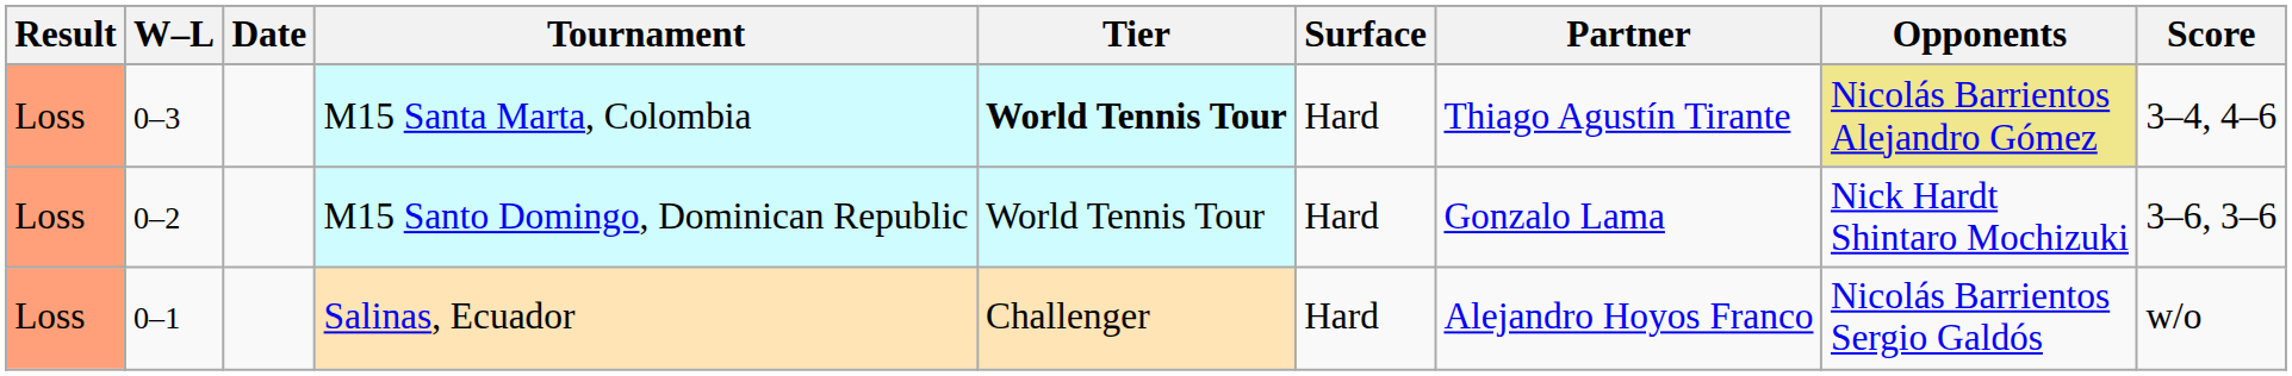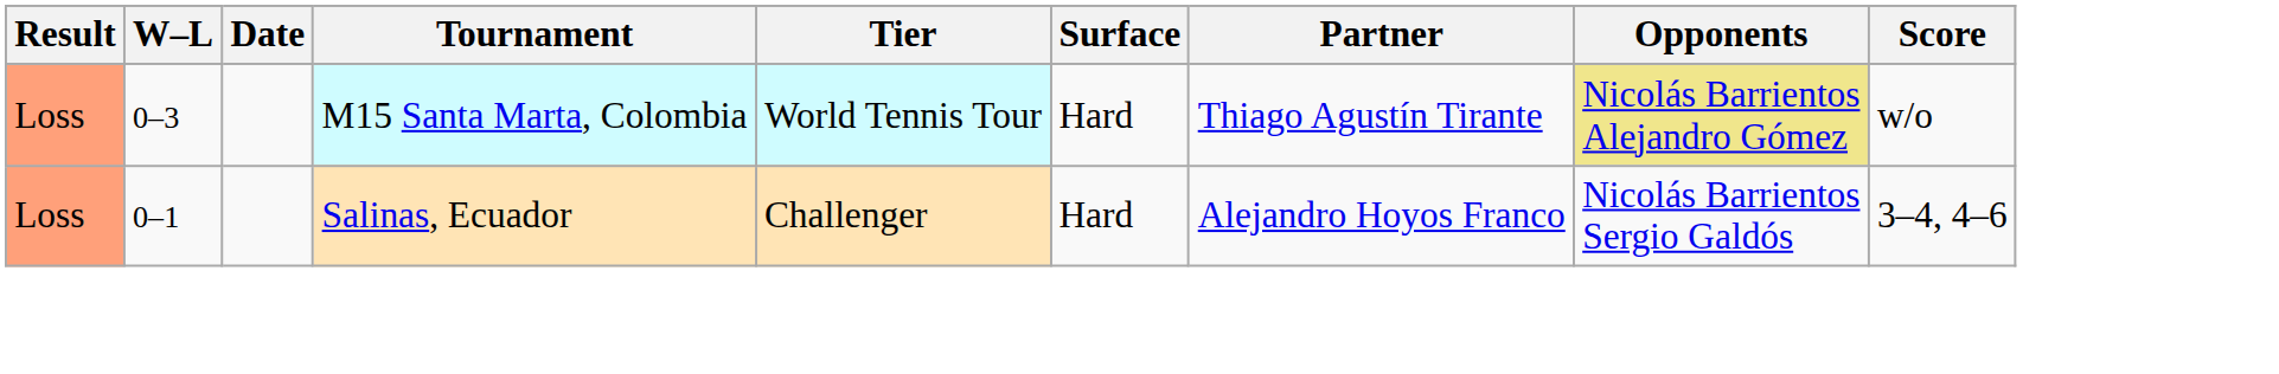 <table class="sortable wikitable">
 <tr>
 <th>Result</th>
 <th class="unsortable">W–L</th>
 <th>Date</th>
 <th>Tournament</th>
 <th>Tier</th>
 <th>Surface</th>
 <th>Partner</th>
 <th>Opponents</th>
 <th class="unsortable">Score</th>
 </tr>
 <tr>
 <td bgcolor=FFA07A>Loss</td>
 <td><small>0–3</small></td>
 <td></td>
 <td style="background:#cffcff;">M15 <a href='#'>Santa Marta</a>, Colombia</td>
-<td style="background:#cffcff;"><strong>World Tennis Tour</strong></td>
+<td style="background:#cffcff;">World Tennis Tour</td>
 <td>Hard</td>
 <td> <a href='#'>Thiago Agustín Tirante</a></td>
 <td style="background: khaki;"> <a href='#'>Nicolás Barrientos</a><br> <a href='#'>Alejandro Gómez</a></td>
-<td>3–4, 4–6</td>
-</tr>
-<tr>
-<td bgcolor=FFA07A>Loss</td>
-<td><small>0–2</small></td>
-<td></td>
-<td style="background:#cffcff;">M15 <a href='#'>Santo Domingo</a>, Dominican Republic</td>
-<td style="background:#cffcff;">World Tennis Tour</td>
-<td>Hard</td>
-<td> <a href='#'>Gonzalo Lama</a></td>
-<td> <a href='#'>Nick Hardt</a><br> <a href='#'>Shintaro Mochizuki</a></td>
-<td>3–6, 3–6</td>
+<td>w/o</td>
 </tr>
 <tr>
 <td bgcolor=FFA07A>Loss</td>
 <td><small>0–1</small></td>
 <td><a href='#'></a></td>
 <td style="background:moccasin"><a href='#'>Salinas</a>, Ecuador</td>
 <td style="background:moccasin">Challenger</td>
 <td>Hard</td>
 <td> <a href='#'>Alejandro Hoyos Franco</a></td>
 <td> <a href='#'>Nicolás Barrientos</a><br> <a href='#'>Sergio Galdós</a></td>
-<td>w/o</td>
+<td>3–4, 4–6</td>
 </tr>
 </table>
